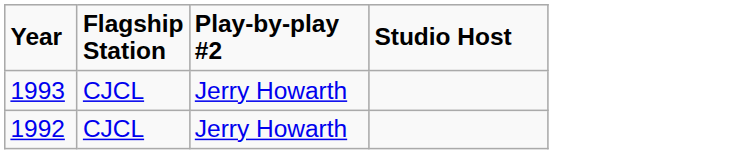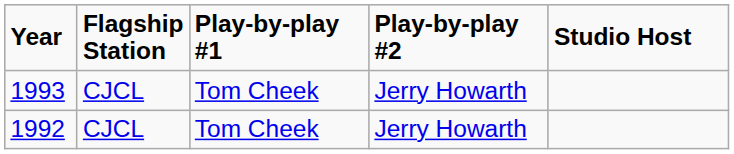 <table class="wikitable">
 <tr>
 <td width="40"><strong>Year</strong></td>
 <td width="40"><strong>Flagship Station</strong></td>
+<td width="110"><strong>Play-by-play #1</strong></td>
 <td width="110"><strong>Play-by-play #2</strong></td>
 <td width="110"><strong>Studio Host</strong></td>
 </tr>
 <tr>
 <td><a href='#'>1993</a></td>
 <td><a href='#'>CJCL</a></td>
+<td><a href='#'>Tom Cheek</a></td>
 <td><a href='#'>Jerry Howarth</a></td>
 <td></td>
 </tr>
 <tr>
 <td><a href='#'>1992</a></td>
 <td><a href='#'>CJCL</a></td>
+<td><a href='#'>Tom Cheek</a></td>
 <td><a href='#'>Jerry Howarth</a></td>
 <td></td>
 </tr>
 </table>
